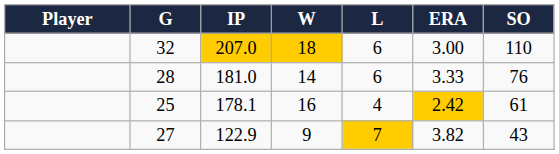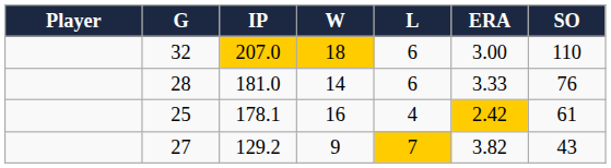 <table class="wikitable sortable" style="text-align:center;">
 <tr>
 <th style="background:#1c2841;color:white;" width="16%">Player</th>
 <th style="background:#1c2841;color:white;" width="9%">G</th>
 <th style="background:#1c2841;color:white;" width="9%">IP</th>
 <th style="background:#1c2841;color:white;" width="9%">W</th>
 <th style="background:#1c2841;color:white;" width="9%">L</th>
 <th style="background:#1c2841;color:white;" width="9%">ERA</th>
 <th style="background:#1c2841;color:white;" width="9%">SO</th>
 </tr>
 <tr align="center">
 <td></td>
 <td>32</td>
 <td style="background:#fc0;">207.0</td>
 <td style="background:#fc0;">18</td>
 <td>6</td>
 <td>3.00</td>
 <td>110</td>
 </tr>
 <tr align="center">
 <td></td>
 <td>28</td>
 <td>181.0</td>
 <td>14</td>
 <td>6</td>
 <td>3.33</td>
 <td>76</td>
 </tr>
 <tr align="center">
 <td></td>
 <td>25</td>
 <td>178.1</td>
 <td>16</td>
 <td>4</td>
 <td style="background:#fc0;">2.42</td>
 <td>61</td>
 </tr>
 <tr align="center">
 <td></td>
 <td>27</td>
-<td>122.9</td>
+<td>129.2</td>
 <td>9</td>
 <td style="background:#fc0;">7</td>
 <td>3.82</td>
 <td>43</td>
 </tr>
 </table>
